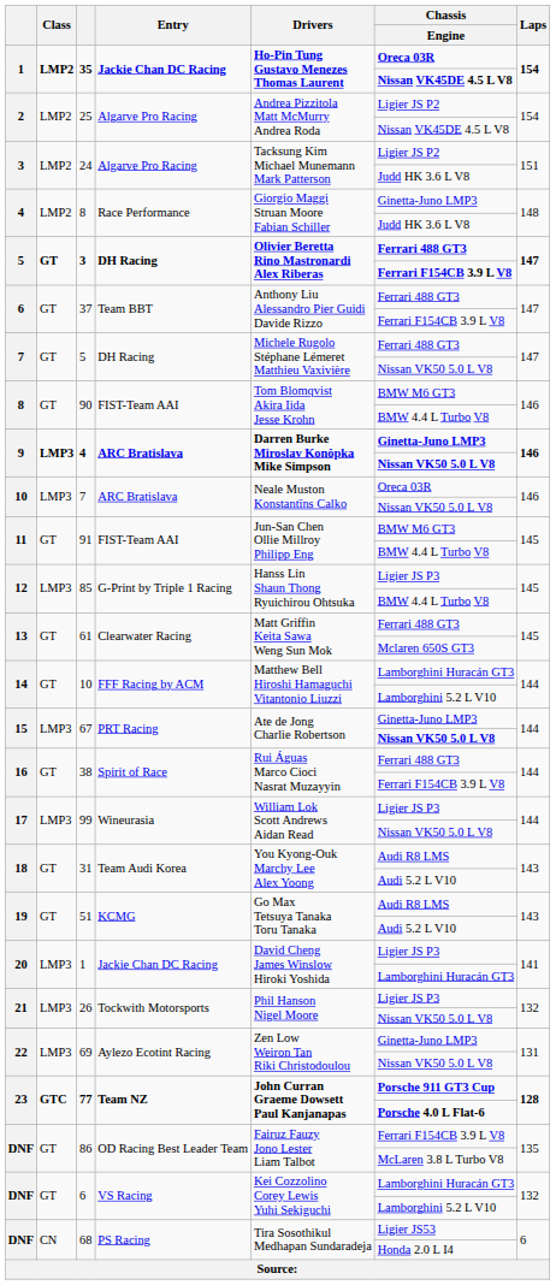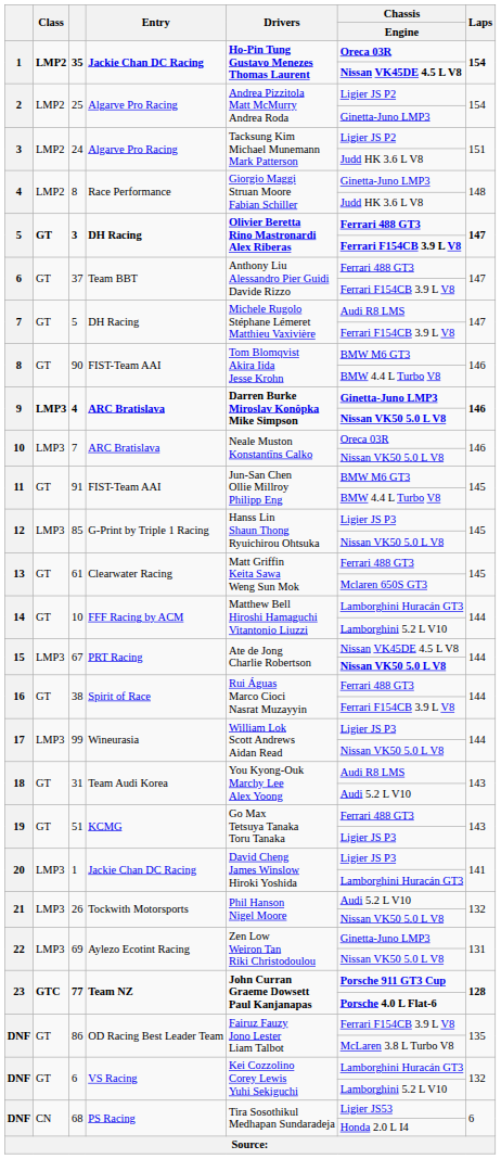 <table class="wikitable">
 <tr>
 <th rowspan="2"></th>
 <th rowspan="2">Class</th>
 <th rowspan="2"></th>
 <th rowspan="2">Entry</th>
 <th rowspan="2">Drivers</th>
 <th>Chassis</th>
 <th rowspan="2">Laps</th>
 </tr>
 <tr>
 <th>Engine</th>
 </tr>
 <tr>
 <th rowspan="2">1</th>
 <td rowspan="2"><strong>LMP2</strong></td>
 <td rowspan="2"><strong>35</strong></td>
 <td rowspan="2"><strong> <a href='#'>Jackie Chan DC Racing</a></strong></td>
 <td rowspan="2"><strong> <a href='#'>Ho-Pin Tung</a><br> <a href='#'>Gustavo Menezes</a><br> <a href='#'>Thomas Laurent</a></strong></td>
 <td><a href='#'><strong>Oreca 03R</strong></a></td>
 <td rowspan="2"><strong>154</strong></td>
 </tr>
 <tr>
 <td><strong><a href='#'>Nissan</a> <a href='#'>VK45DE</a> 4.5 L V8</strong></td>
 </tr>
 <tr>
 <th rowspan="2">2</th>
 <td rowspan="2">LMP2</td>
 <td rowspan="2">25</td>
 <td rowspan="2"> <a href='#'>Algarve Pro Racing</a></td>
 <td rowspan="2"> <a href='#'>Andrea Pizzitola</a><br> <a href='#'>Matt McMurry</a><br> Andrea Roda</td>
 <td><a href='#'>Ligier JS P2</a></td>
 <td rowspan="2">154</td>
 </tr>
 <tr>
-<td><a href='#'>Nissan</a> <a href='#'>VK45DE</a> 4.5 L V8</td>
+<td><a href='#'>Ginetta-Juno LMP3</a></td>
 </tr>
 <tr>
 <th rowspan="2">3</th>
 <td rowspan="2">LMP2</td>
 <td rowspan="2">24</td>
 <td rowspan="2"> <a href='#'>Algarve Pro Racing</a></td>
 <td rowspan="2"> Tacksung Kim<br> Michael Munemann<br> <a href='#'>Mark Patterson</a></td>
 <td><a href='#'>Ligier JS P2</a></td>
 <td rowspan="2">151</td>
 </tr>
 <tr>
 <td><a href='#'>Judd</a> HK 3.6 L V8</td>
 </tr>
 <tr>
 <th rowspan="2">4</th>
 <td rowspan="2">LMP2</td>
 <td rowspan="2">8</td>
 <td rowspan="2"> Race Performance</td>
 <td rowspan="2"> <a href='#'>Giorgio Maggi</a><br> Struan Moore<br> <a href='#'>Fabian Schiller</a></td>
 <td><a href='#'>Ginetta-Juno LMP3</a></td>
 <td rowspan="2">148</td>
 </tr>
 <tr>
 <td><a href='#'>Judd</a> HK 3.6 L V8</td>
 </tr>
 <tr>
 <th rowspan="2">5</th>
 <td rowspan="2"><strong>GT</strong></td>
 <td rowspan="2"><strong>3</strong></td>
 <td rowspan="2"><strong> DH Racing</strong></td>
 <td rowspan="2"><strong> <a href='#'>Olivier Beretta</a><br> <a href='#'>Rino Mastronardi</a><br> <a href='#'>Alex Riberas</a></strong></td>
 <td><a href='#'><strong>Ferrari 488 GT3</strong></a></td>
 <td rowspan="2"><strong>147</strong></td>
 </tr>
 <tr>
 <td><strong><a href='#'>Ferrari F154CB</a> 3.9 L <a href='#'>V8</a></strong></td>
 </tr>
 <tr>
 <th rowspan="2">6</th>
 <td rowspan="2">GT</td>
 <td rowspan="2">37</td>
 <td rowspan="2"> Team BBT</td>
 <td rowspan="2"> Anthony Liu<br> <a href='#'>Alessandro Pier Guidi</a><br> Davide Rizzo</td>
 <td><a href='#'>Ferrari 488 GT3</a></td>
 <td rowspan="2">147</td>
 </tr>
 <tr>
 <td><a href='#'>Ferrari F154CB</a> 3.9 L <a href='#'>V8</a></td>
 </tr>
 <tr>
 <th rowspan="2">7</th>
 <td rowspan="2">GT</td>
 <td rowspan="2">5</td>
 <td rowspan="2"> DH Racing</td>
 <td rowspan="2"> <a href='#'>Michele Rugolo</a><br> Stéphane Lémeret<br> <a href='#'>Matthieu Vaxivière</a></td>
-<td><a href='#'>Ferrari 488 GT3</a></td>
+<td><a href='#'>Audi R8 LMS</a></td>
 <td rowspan="2">147</td>
 </tr>
 <tr>
-<td><a href='#'>Nissan VK50 5.0 L V8</a></td>
+<td><a href='#'>Ferrari F154CB</a> 3.9 L <a href='#'>V8</a></td>
 </tr>
 <tr>
 <th rowspan="2">8</th>
 <td rowspan="2">GT</td>
 <td rowspan="2">90</td>
 <td rowspan="2"> FIST-Team AAI</td>
 <td rowspan="2"> <a href='#'>Tom Blomqvist</a><br> <a href='#'>Akira Iida</a><br> <a href='#'>Jesse Krohn</a></td>
 <td><a href='#'>BMW M6 GT3</a></td>
 <td rowspan="2">146</td>
 </tr>
 <tr>
 <td><a href='#'>BMW</a> 4.4 L <a href='#'>Turbo</a> <a href='#'>V8</a></td>
 </tr>
 <tr>
 <th rowspan="2">9</th>
 <td rowspan="2"><strong>LMP3</strong></td>
 <td rowspan="2"><strong>4</strong></td>
 <td rowspan="2"><strong> <a href='#'>ARC Bratislava</a></strong></td>
 <td rowspan="2"><strong> Darren Burke<br> <a href='#'>Miroslav Konôpka</a><br> Mike Simpson</strong></td>
 <td><strong><a href='#'>Ginetta-Juno LMP3</a></strong></td>
 <td rowspan="2"><strong>146</strong></td>
 </tr>
 <tr>
 <td><a href='#'><strong>Nissan VK50 5.0 L V8</strong></a></td>
 </tr>
 <tr>
 <th rowspan="2">10</th>
 <td rowspan="2">LMP3</td>
 <td rowspan="2">7</td>
 <td rowspan="2"> <a href='#'>ARC Bratislava</a></td>
 <td rowspan="2"> Neale Muston<br> <a href='#'>Konstantīns Calko</a></td>
 <td><a href='#'>Oreca 03R</a></td>
 <td rowspan="2">146</td>
 </tr>
 <tr>
 <td><a href='#'>Nissan VK50 5.0 L V8</a></td>
 </tr>
 <tr>
 <th rowspan="2">11</th>
 <td rowspan="2">GT</td>
 <td rowspan="2">91</td>
 <td rowspan="2"> FIST-Team AAI</td>
 <td rowspan="2"> Jun-San Chen<br> Ollie Millroy<br> <a href='#'>Philipp Eng</a></td>
 <td><a href='#'>BMW M6 GT3</a></td>
 <td rowspan="2">145</td>
 </tr>
 <tr>
 <td><a href='#'>BMW</a> 4.4 L <a href='#'>Turbo</a> <a href='#'>V8</a></td>
 </tr>
 <tr>
 <th rowspan="2">12</th>
 <td rowspan="2">LMP3</td>
 <td rowspan="2">85</td>
 <td rowspan="2"> G-Print by Triple 1 Racing</td>
 <td rowspan="2"> Hanss Lin<br> <a href='#'>Shaun Thong</a><br> Ryuichirou Ohtsuka</td>
 <td><a href='#'>Ligier JS P3</a></td>
 <td rowspan="2">145</td>
 </tr>
 <tr>
-<td><a href='#'>BMW</a> 4.4 L <a href='#'>Turbo</a> <a href='#'>V8</a></td>
+<td><a href='#'>Nissan VK50 5.0 L V8</a></td>
 </tr>
 <tr>
 <th rowspan="2">13</th>
 <td rowspan="2">GT</td>
 <td rowspan="2">61</td>
 <td rowspan="2"> Clearwater Racing</td>
 <td rowspan="2"> Matt Griffin<br> <a href='#'>Keita Sawa</a><br> Weng Sun Mok</td>
 <td><a href='#'>Ferrari 488 GT3</a></td>
 <td rowspan="2">145</td>
 </tr>
 <tr>
 <td><a href='#'>Mclaren 650S GT3</a></td>
 </tr>
 <tr>
 <th rowspan="2">14</th>
 <td rowspan="2">GT</td>
 <td rowspan="2">10</td>
 <td rowspan="2"> <a href='#'>FFF Racing by ACM</a></td>
 <td rowspan="2"> Matthew Bell<br> <a href='#'>Hiroshi Hamaguchi</a><br> <a href='#'>Vitantonio Liuzzi</a></td>
 <td><a href='#'>Lamborghini Huracán GT3</a></td>
 <td rowspan="2">144</td>
 </tr>
 <tr>
 <td><a href='#'>Lamborghini</a> 5.2 L V10</td>
 </tr>
 <tr>
 <th rowspan="2">15</th>
 <td rowspan="2">LMP3</td>
 <td rowspan="2">67</td>
 <td rowspan="2"> <a href='#'>PRT Racing</a></td>
 <td rowspan="2"> Ate de Jong<br> Charlie Robertson</td>
-<td><a href='#'>Ginetta-Juno LMP3</a></td>
+<td><a href='#'>Nissan</a> <a href='#'>VK45DE</a> 4.5 L V8</td>
 <td rowspan="2">144</td>
 </tr>
 <tr>
 <td><strong><a href='#'>Nissan VK50 5.0 L V8</a></strong></td>
 </tr>
 <tr>
 <th rowspan="2">16</th>
 <td rowspan="2">GT</td>
 <td rowspan="2">38</td>
 <td rowspan="2"> <a href='#'>Spirit of Race</a></td>
 <td rowspan="2"> <a href='#'>Rui Águas</a><br> Marco Cioci<br> Nasrat Muzayyin</td>
 <td><a href='#'>Ferrari 488 GT3</a></td>
 <td rowspan="2">144</td>
 </tr>
 <tr>
 <td><a href='#'>Ferrari F154CB</a> 3.9 L <a href='#'>V8</a></td>
 </tr>
 <tr>
 <th rowspan="2">17</th>
 <td rowspan="2">LMP3</td>
 <td rowspan="2">99</td>
 <td rowspan="2"> Wineurasia</td>
 <td rowspan="2"> <a href='#'>William Lok</a><br> Scott Andrews<br> Aidan Read</td>
 <td><a href='#'>Ligier JS P3</a></td>
 <td rowspan="2">144</td>
 </tr>
 <tr>
 <td><a href='#'>Nissan VK50 5.0 L V8</a></td>
 </tr>
 <tr>
 <th rowspan="2">18</th>
 <td rowspan="2">GT</td>
 <td rowspan="2">31</td>
 <td rowspan="2"> Team Audi Korea</td>
 <td rowspan="2"> You Kyong-Ouk<br> <a href='#'>Marchy Lee</a><br> <a href='#'>Alex Yoong</a></td>
 <td><a href='#'>Audi R8 LMS</a></td>
 <td rowspan="2">143</td>
 </tr>
 <tr>
 <td><a href='#'>Audi</a> 5.2 L V10</td>
 </tr>
 <tr>
 <th rowspan="2">19</th>
 <td rowspan="2">GT</td>
 <td rowspan="2">51</td>
 <td rowspan="2"> <a href='#'>KCMG</a></td>
 <td rowspan="2"> Go Max<br> Tetsuya Tanaka<br> Toru Tanaka</td>
-<td><a href='#'>Audi R8 LMS</a></td>
+<td><a href='#'>Ferrari 488 GT3</a></td>
 <td rowspan="2">143</td>
 </tr>
 <tr>
-<td><a href='#'>Audi</a> 5.2 L V10</td>
+<td><a href='#'>Ligier JS P3</a></td>
 </tr>
 <tr>
 <th rowspan="2">20</th>
 <td rowspan="2">LMP3</td>
 <td rowspan="2">1</td>
 <td rowspan="2"> <a href='#'>Jackie Chan DC Racing</a></td>
 <td rowspan="2"> <a href='#'>David Cheng</a><br> <a href='#'>James Winslow</a><br> Hiroki Yoshida</td>
 <td><a href='#'>Ligier JS P3</a></td>
 <td rowspan="2">141</td>
 </tr>
 <tr>
 <td><a href='#'>Lamborghini Huracán GT3</a></td>
 </tr>
 <tr>
 <th rowspan="2">21</th>
 <td rowspan="2">LMP3</td>
 <td rowspan="2">26</td>
 <td rowspan="2"> Tockwith Motorsports</td>
 <td rowspan="2"> <a href='#'>Phil Hanson</a><br> <a href='#'>Nigel Moore</a></td>
-<td><a href='#'>Ligier JS P3</a></td>
+<td><a href='#'>Audi</a> 5.2 L V10</td>
 <td rowspan="2">132</td>
 </tr>
 <tr>
 <td><a href='#'>Nissan VK50 5.0 L V8</a></td>
 </tr>
 <tr>
 <th rowspan="2">22</th>
 <td rowspan="2">LMP3</td>
 <td rowspan="2">69</td>
 <td rowspan="2"> Aylezo Ecotint Racing</td>
 <td rowspan="2"> Zen Low<br> <a href='#'>Weiron Tan</a><br> <a href='#'>Riki Christodoulou</a></td>
 <td><a href='#'>Ginetta-Juno LMP3</a></td>
 <td rowspan="2">131</td>
 </tr>
 <tr>
 <td><a href='#'>Nissan VK50 5.0 L V8</a></td>
 </tr>
 <tr>
 <th rowspan="2">23</th>
 <td rowspan="2"><strong>GTC</strong></td>
 <td rowspan="2"><strong>77</strong></td>
 <td rowspan="2"><strong> Team NZ</strong></td>
 <td rowspan="2"><strong> John Curran</strong><br><strong> Graeme Dowsett</strong><br><strong> Paul Kanjanapas</strong></td>
 <td><strong><a href='#'>Porsche 911 GT3 Cup</a></strong></td>
 <td rowspan="2"><strong>128</strong></td>
 </tr>
 <tr>
 <td><strong><a href='#'>Porsche</a> 4.0 L Flat-6</strong></td>
 </tr>
 <tr>
 <th rowspan="2">DNF</th>
 <td rowspan="2">GT</td>
 <td rowspan="2">86</td>
 <td rowspan="2"> OD Racing Best Leader Team</td>
 <td rowspan="2"> <a href='#'>Fairuz Fauzy</a><br> <a href='#'>Jono Lester</a><br> Liam Talbot</td>
 <td><a href='#'>Ferrari F154CB</a> 3.9 L <a href='#'>V8</a></td>
 <td rowspan="2">135</td>
 </tr>
 <tr>
 <td><a href='#'>McLaren</a> 3.8 L Turbo V8</td>
 </tr>
 <tr>
 <th rowspan="2">DNF</th>
 <td rowspan="2">GT</td>
 <td rowspan="2">6</td>
 <td rowspan="2"> <a href='#'>VS Racing</a></td>
 <td rowspan="2"> <a href='#'>Kei Cozzolino</a><br> <a href='#'>Corey Lewis</a><br> <a href='#'>Yuhi Sekiguchi</a></td>
 <td><a href='#'>Lamborghini Huracán GT3</a></td>
 <td rowspan="2">132</td>
 </tr>
 <tr>
 <td><a href='#'>Lamborghini</a> 5.2 L V10</td>
 </tr>
 <tr>
 <th rowspan="2">DNF</th>
 <td rowspan="2">CN</td>
 <td rowspan="2">68</td>
 <td rowspan="2"> <a href='#'>PS Racing</a></td>
 <td rowspan="2"> Tira Sosothikul<br> Medhapan Sundaradeja</td>
 <td><a href='#'>Ligier JS53</a></td>
 <td rowspan="2">6</td>
 </tr>
 <tr>
 <td><a href='#'>Honda</a> 2.0 L I4</td>
 </tr>
 <tr>
 <th colspan="7">Source:</th>
 </tr>
 </table>
